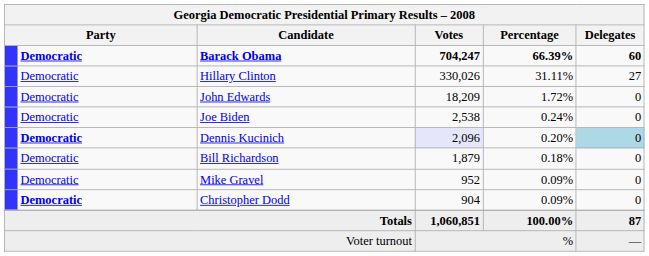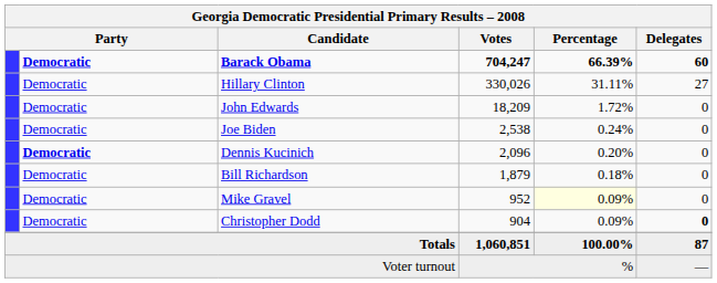 <table class="wikitable" style="font-size:95%;">
 <tr>
 <th colspan="7">Georgia Democratic Presidential Primary Results – 2008</th>
 </tr>
 <tr>
 <th colspan="2" style="width: 15em">Party</th>
 <th style="width: 17em">Candidate</th>
 <th style="width: 5em">Votes</th>
 <th style="width: 7em">Percentage</th>
 <th style="width: 5em">Delegates</th>
 </tr>
 <tr>
 <th style="background-color:#3333FF; width: 3px"></th>
 <td style="width: 130px"><strong><a href='#'>Democratic</a></strong></td>
 <td><strong><a href='#'>Barack Obama</a></strong></td>
 <td align="right"><strong>704,247</strong></td>
 <td align="right"><strong>66.39%</strong></td>
 <td align="right"><strong>60</strong></td>
 </tr>
 <tr>
 <th style="background-color:#3333FF; width: 3px"></th>
 <td style="width: 130px"><a href='#'>Democratic</a></td>
 <td><a href='#'>Hillary Clinton</a></td>
 <td align="right">330,026</td>
 <td align="right">31.11%</td>
 <td align="right">27</td>
 </tr>
 <tr>
 <th style="background-color:#3333FF; width: 3px"></th>
 <td style="width: 130px"><a href='#'>Democratic</a></td>
 <td><a href='#'>John Edwards</a></td>
 <td align="right">18,209</td>
 <td align="right">1.72%</td>
 <td align="right">0</td>
 </tr>
 <tr>
 <th style="background-color:#3333FF; width: 3px"></th>
 <td style="width: 130px"><a href='#'>Democratic</a></td>
 <td><a href='#'>Joe Biden</a></td>
 <td align="right">2,538</td>
 <td align="right">0.24%</td>
 <td align="right">0</td>
 </tr>
 <tr>
 <th style="background-color:#3333FF; width: 3px"></th>
 <td style="width: 130px"><strong><a href='#'>Democratic</a></strong></td>
 <td><a href='#'>Dennis Kucinich</a></td>
-<td align="right" style="background: lavender;">2,096</td>
+<td align="right">2,096</td>
 <td align="right">0.20%</td>
-<td align="right" style="background: lightblue;">0</td>
+<td align="right">0</td>
 </tr>
 <tr>
 <th style="background-color:#3333FF; width: 3px"></th>
 <td style="width: 130px"><a href='#'>Democratic</a></td>
 <td><a href='#'>Bill Richardson</a></td>
 <td align="right">1,879</td>
 <td align="right">0.18%</td>
 <td align="right">0</td>
 </tr>
 <tr>
 <th style="background-color:#3333FF; width: 3px"></th>
 <td style="width: 130px"><a href='#'>Democratic</a></td>
 <td><a href='#'>Mike Gravel</a></td>
 <td align="right">952</td>
-<td align="right">0.09%</td>
+<td align="right" style="background: lightyellow;">0.09%</td>
 <td align="right">0</td>
 </tr>
 <tr>
 <th style="background-color:#3333FF; width: 3px"></th>
-<td style="width: 130px"><strong><a href='#'>Democratic</a></strong></td>
+<td style="width: 130px"><a href='#'>Democratic</a></td>
 <td><a href='#'>Christopher Dodd</a></td>
 <td align="right">904</td>
 <td align="right">0.09%</td>
-<td align="right">0</td>
+<td align="right"><strong>0</strong></td>
 </tr>
 <tr>
 </tr>
 <tr bgcolor="#EEEEEE">
 <td colspan="3" align="right"><strong>Totals</strong></td>
 <td align="right"><strong>1,060,851</strong></td>
 <td align="right"><strong>100.00%</strong></td>
 <td align="right"><strong>87</strong></td>
 </tr>
 <tr bgcolor="#EEEEEE">
 <td colspan="3" align="right">Voter turnout</td>
 <td colspan="2" align="right">%</td>
 <td align="right">—</td>
 </tr>
 </table>
